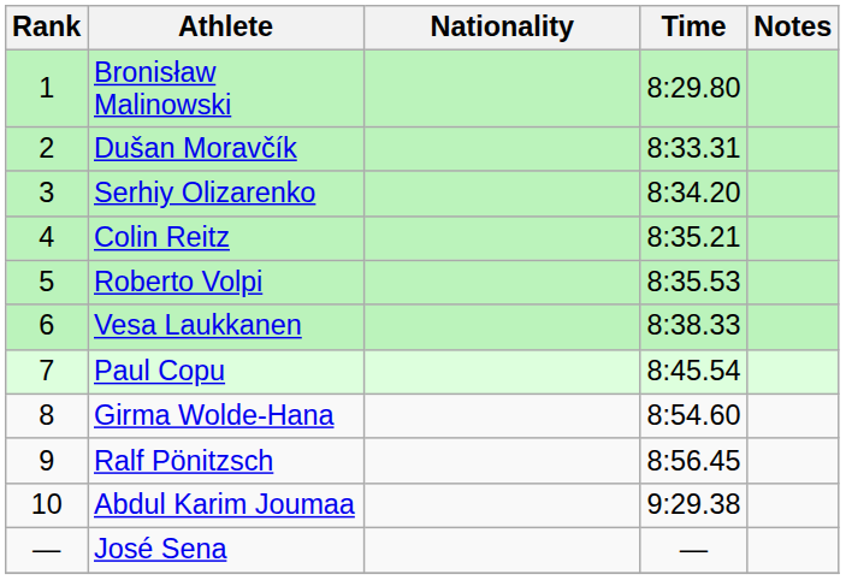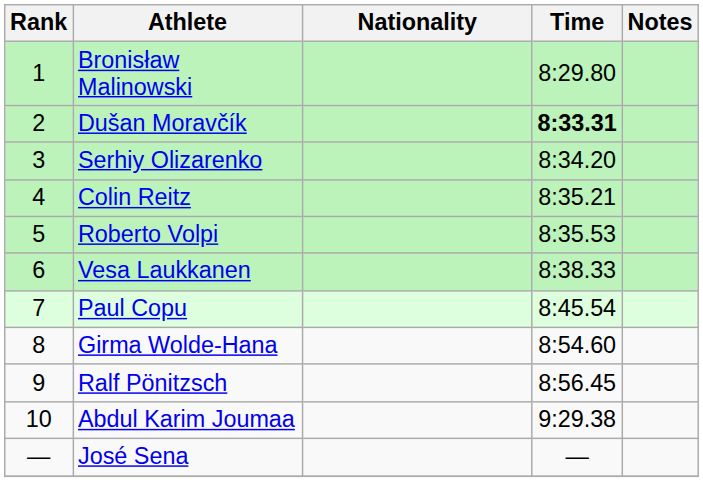 <table class="wikitable sortable" style="text-align:center">
 <tr>
 <th width=30>Rank</th>
 <th width=150>Athlete</th>
 <th width=150>Nationality</th>
 <th width=30>Time</th>
 <th width=30>Notes</th>
 </tr>
 <tr bgcolor=bbf3bb>
 <td>1</td>
 <td align="left"><a href='#'>Bronisław Malinowski</a></td>
 <td align="left"></td>
 <td>8:29.80</td>
 <td></td>
 </tr>
 <tr bgcolor=bbf3bb>
 <td>2</td>
 <td align="left"><a href='#'>Dušan Moravčík</a></td>
 <td align="left"></td>
-<td>8:33.31</td>
+<td><strong>8:33.31</strong></td>
 <td></td>
 </tr>
 <tr bgcolor=bbf3bb>
 <td>3</td>
 <td align="left"><a href='#'>Serhiy Olizarenko</a></td>
 <td align="left"></td>
 <td>8:34.20</td>
 <td></td>
 </tr>
 <tr bgcolor=bbf3bb>
 <td>4</td>
 <td align="left"><a href='#'>Colin Reitz</a></td>
 <td align="left"></td>
 <td>8:35.21</td>
 <td></td>
 </tr>
 <tr bgcolor=bbf3bb>
 <td>5</td>
 <td align="left"><a href='#'>Roberto Volpi</a></td>
 <td align="left"></td>
 <td>8:35.53</td>
 <td></td>
 </tr>
 <tr bgcolor=bbf3bb>
 <td>6</td>
 <td align="left"><a href='#'>Vesa Laukkanen</a></td>
 <td align="left"></td>
 <td>8:38.33</td>
 <td></td>
 </tr>
 <tr bgcolor=#ddffdd>
 <td>7</td>
 <td align="left"><a href='#'>Paul Copu</a></td>
 <td align="left"></td>
 <td>8:45.54</td>
 <td></td>
 </tr>
 <tr>
 <td>8</td>
 <td align="left"><a href='#'>Girma Wolde-Hana</a></td>
 <td align="left"></td>
 <td>8:54.60</td>
 <td></td>
 </tr>
 <tr>
 <td>9</td>
 <td align="left"><a href='#'>Ralf Pönitzsch</a></td>
 <td align="left"></td>
 <td>8:56.45</td>
 <td></td>
 </tr>
 <tr>
 <td>10</td>
 <td align="left"><a href='#'>Abdul Karim Joumaa</a></td>
 <td align="left"></td>
 <td>9:29.38</td>
 <td></td>
 </tr>
 <tr>
 <td>—</td>
 <td align="left"><a href='#'>José Sena</a></td>
 <td align="left"></td>
 <td>—</td>
 <td></td>
 </tr>
 <tr>
 </tr>
 </table>
